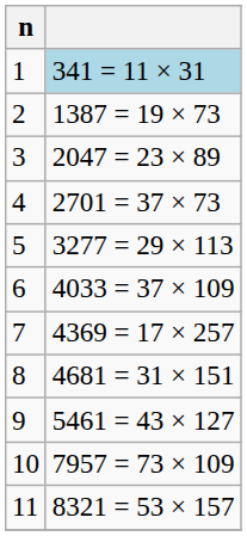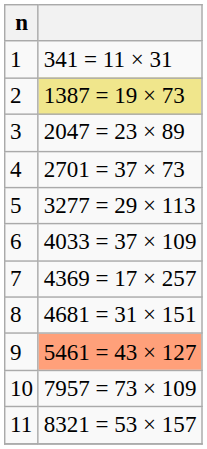 <table class="wikitable">
 <tr>
 <th>n</th>
 <th></th>
 </tr>
 <tr>
 <td>1</td>
-<td style="background: lightblue;">341 = 11 × 31</td>
+<td>341 = 11 × 31</td>
 </tr>
 <tr>
 <td>2</td>
-<td>1387 = 19 × 73</td>
+<td style="background: khaki;">1387 = 19 × 73</td>
 </tr>
 <tr>
 <td>3</td>
 <td>2047 = 23 × 89</td>
 </tr>
 <tr>
 <td>4</td>
 <td>2701 = 37 × 73</td>
 </tr>
 <tr>
 <td>5</td>
 <td>3277 = 29 × 113</td>
 </tr>
 <tr>
 <td>6</td>
 <td>4033 = 37 × 109</td>
 </tr>
 <tr>
 <td>7</td>
 <td>4369 = 17 × 257</td>
 </tr>
 <tr>
 <td>8</td>
 <td>4681 = 31 × 151</td>
 </tr>
 <tr>
 <td>9</td>
-<td>5461 = 43 × 127</td>
+<td style="background: lightsalmon;">5461 = 43 × 127</td>
 </tr>
 <tr>
 <td>10</td>
 <td>7957 = 73 × 109</td>
 </tr>
 <tr>
 <td>11</td>
 <td>8321 = 53 × 157</td>
 </tr>
 <tr>
 </tr>
 </table>
